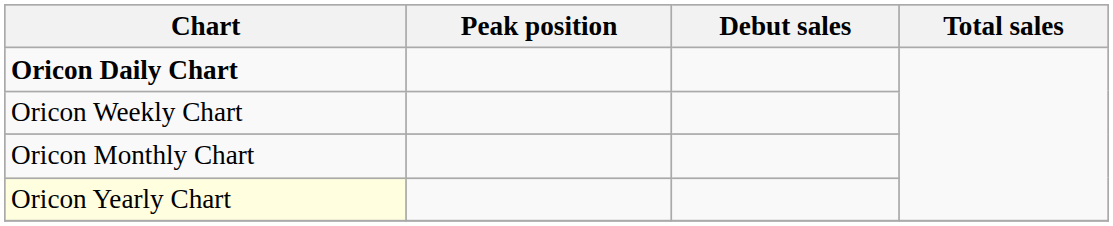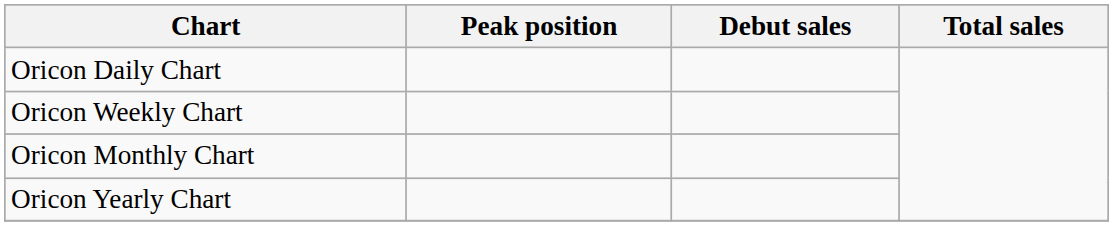 <table class="wikitable" style="width:650px;">
 <tr>
 <th>Chart</th>
 <th>Peak position</th>
 <th>Debut sales</th>
 <th>Total sales</th>
 </tr>
 <tr>
-<td><strong>Oricon Daily Chart</strong></td>
+<td>Oricon Daily Chart</td>
 <td></td>
 <td></td>
 <td rowspan="4"></td>
 </tr>
 <tr>
 <td>Oricon Weekly Chart</td>
 <td></td>
 <td></td>
 </tr>
 <tr>
 <td>Oricon Monthly Chart</td>
 <td></td>
 <td></td>
 </tr>
 <tr>
-<td style="background: lightyellow;">Oricon Yearly Chart</td>
+<td>Oricon Yearly Chart</td>
 <td></td>
 <td></td>
 </tr>
 <tr>
 </tr>
 </table>
